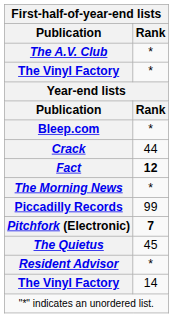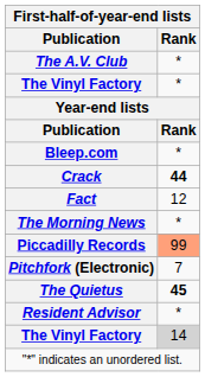 <table class="plainrowheaders wikitable">
 <tr>
 <th colspan=2>First-half-of-year-end lists</th>
 </tr>
 <tr>
 <th>Publication</th>
 <th>Rank</th>
 </tr>
 <tr>
 <th scope="row"><em><a href='#'>The A.V. Club</a></em></th>
 <td align=center>*</td>
 </tr>
 <tr>
 <th scope="row"><a href='#'>The Vinyl Factory</a></th>
 <td align=center>*</td>
 </tr>
 <tr>
 <th colspan=2>Year-end lists</th>
 </tr>
 <tr>
 <th>Publication</th>
 <th>Rank</th>
 </tr>
 <tr>
 <th scope="row"><a href='#'>Bleep.com</a></th>
 <td align=center>*</td>
 </tr>
 <tr>
 <th scope="row"><em><a href='#'>Crack</a></em></th>
-<td align=center>44</td>
+<td align=center><strong>44</strong></td>
 </tr>
 <tr>
 <th scope="row"><em><a href='#'>Fact</a></em></th>
-<td align=center><strong>12</strong></td>
+<td align=center>12</td>
 </tr>
 <tr>
 <th scope="row"><em><a href='#'>The Morning News</a></em></th>
 <td align=center>*</td>
 </tr>
 <tr>
 <th scope="row"><a href='#'>Piccadilly Records</a></th>
-<td align=center>99</td>
+<td align=center style="background: lightsalmon;">99</td>
 </tr>
 <tr>
 <th scope="row"><em><a href='#'>Pitchfork</a></em> (Electronic)</th>
-<td align=center><strong>7</strong></td>
+<td align=center>7</td>
 </tr>
 <tr>
 <th scope="row"><em><a href='#'>The Quietus</a></em></th>
-<td align=center>45</td>
+<td align=center><strong>45</strong></td>
 </tr>
 <tr>
 <th scope="row"><em><a href='#'>Resident Advisor</a></em></th>
 <td align=center>*</td>
 </tr>
 <tr>
 <th scope="row"><a href='#'>The Vinyl Factory</a></th>
-<td align=center>14</td>
+<td align=center style="background: lightgrey;">14</td>
 </tr>
 <tr>
 <td colspan=3 style="text-align:center;"><small>"*" indicates an unordered list.</small></td>
 </tr>
 </table>
